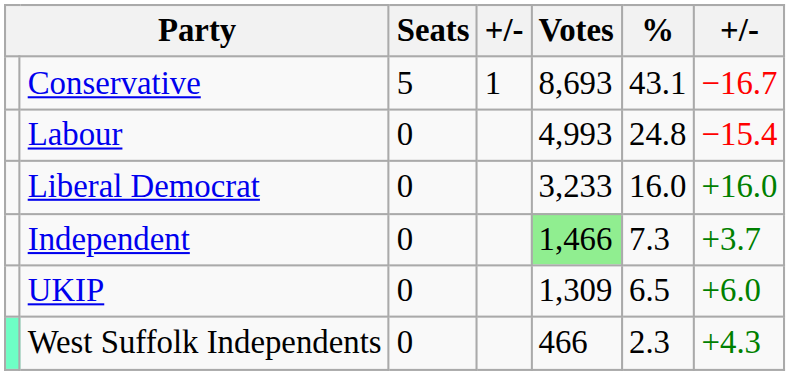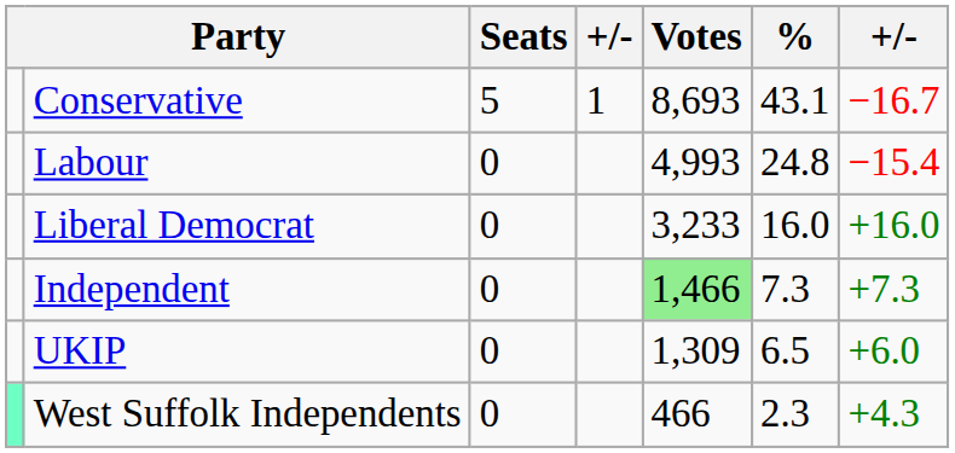 <table class="wikitable">
 <tr>
 <th colspan="2">Party</th>
 <th>Seats</th>
 <th>+/-</th>
 <th>Votes</th>
 <th>%</th>
 <th>+/-</th>
 </tr>
 <tr>
 <td style="background-color: "></td>
 <td><a href='#'>Conservative</a></td>
 <td>5</td>
 <td> 1</td>
 <td>8,693</td>
 <td>43.1</td>
 <td style="color:red">−16.7</td>
 </tr>
 <tr>
 <td style="background-color: "></td>
 <td><a href='#'>Labour</a></td>
 <td>0</td>
 <td></td>
 <td>4,993</td>
 <td>24.8</td>
 <td style="color:red">−15.4</td>
 </tr>
 <tr>
 <td style="background-color: "></td>
 <td><a href='#'>Liberal Democrat</a></td>
 <td>0</td>
 <td></td>
 <td>3,233</td>
 <td>16.0</td>
 <td style="color:green">+16.0</td>
 </tr>
 <tr>
 <td style="background-color: "></td>
 <td><a href='#'>Independent</a></td>
 <td>0</td>
 <td></td>
 <td style="background: lightgreen;">1,466</td>
 <td>7.3</td>
-<td style="color:green">+3.7</td>
+<td style="color:green">+7.3</td>
 </tr>
 <tr>
 <td style="background-color: "></td>
 <td><a href='#'>UKIP</a></td>
 <td>0</td>
 <td></td>
 <td>1,309</td>
 <td>6.5</td>
 <td style="color:green">+6.0</td>
 </tr>
 <tr>
 <td style="background-color: #6EFFC5"></td>
 <td>West Suffolk Independents</td>
 <td>0</td>
 <td></td>
 <td>466</td>
 <td>2.3</td>
 <td style="color:green">+4.3</td>
 </tr>
 </table>
